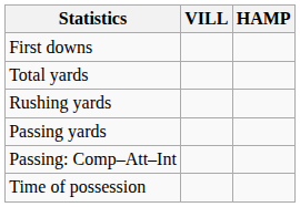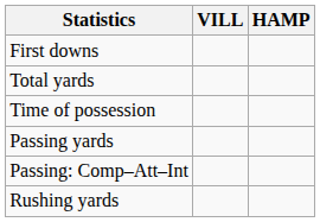 <table class="wikitable" style="float: left;">
 <tr>
 <th>Statistics</th>
 <th>VILL</th>
 <th>HAMP</th>
 </tr>
 <tr>
 <td>First downs</td>
 <td></td>
 <td></td>
 </tr>
 <tr>
 <td>Total yards</td>
 <td></td>
 <td></td>
 </tr>
 <tr>
-<td>Rushing yards</td>
+<td>Time of possession</td>
 <td></td>
 <td></td>
 </tr>
 <tr>
 <td>Passing yards</td>
 <td></td>
 <td></td>
 </tr>
 <tr>
 <td>Passing: Comp–Att–Int</td>
 <td></td>
 <td></td>
 </tr>
 <tr>
-<td>Time of possession</td>
+<td>Rushing yards</td>
 <td></td>
 <td></td>
 </tr>
 <tr>
 </tr>
 </table>
